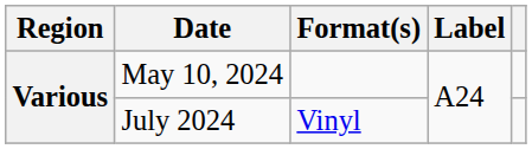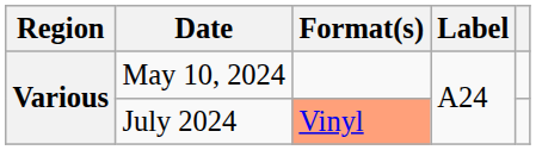 <table class="wikitable plainrowheaders">
 <tr>
 <th scope="col">Region</th>
 <th scope="col">Date</th>
 <th scope="col">Format(s)</th>
 <th scope="col">Label</th>
 <th scope="col"></th>
 </tr>
 <tr>
 <th scope="row" rowspan="2">Various</th>
 <td>May 10, 2024</td>
 <td></td>
 <td rowspan="2">A24</td>
 <td align="center"></td>
 </tr>
 <tr>
 <td>July 2024</td>
-<td><a href='#'>Vinyl</a></td>
+<td style="background: lightsalmon;"><a href='#'>Vinyl</a></td>
 <td align="center"></td>
 </tr>
 </table>
